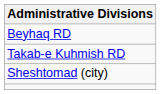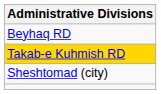 <table class="wikitable">
 <tr>
 <th>Administrative Divisions</th>
 </tr>
 <tr>
 <td><a href='#'>Beyhaq RD</a></td>
 </tr>
 <tr>
-<td><a href='#'>Takab-e Kuhmish RD</a></td>
+<td style="background: gold;"><a href='#'>Takab-e Kuhmish RD</a></td>
 </tr>
 <tr>
 <td><a href='#'>Sheshtomad</a> (city)</td>
 </tr>
 <tr>
 <td colspan=1></td>
 </tr>
 </table>
